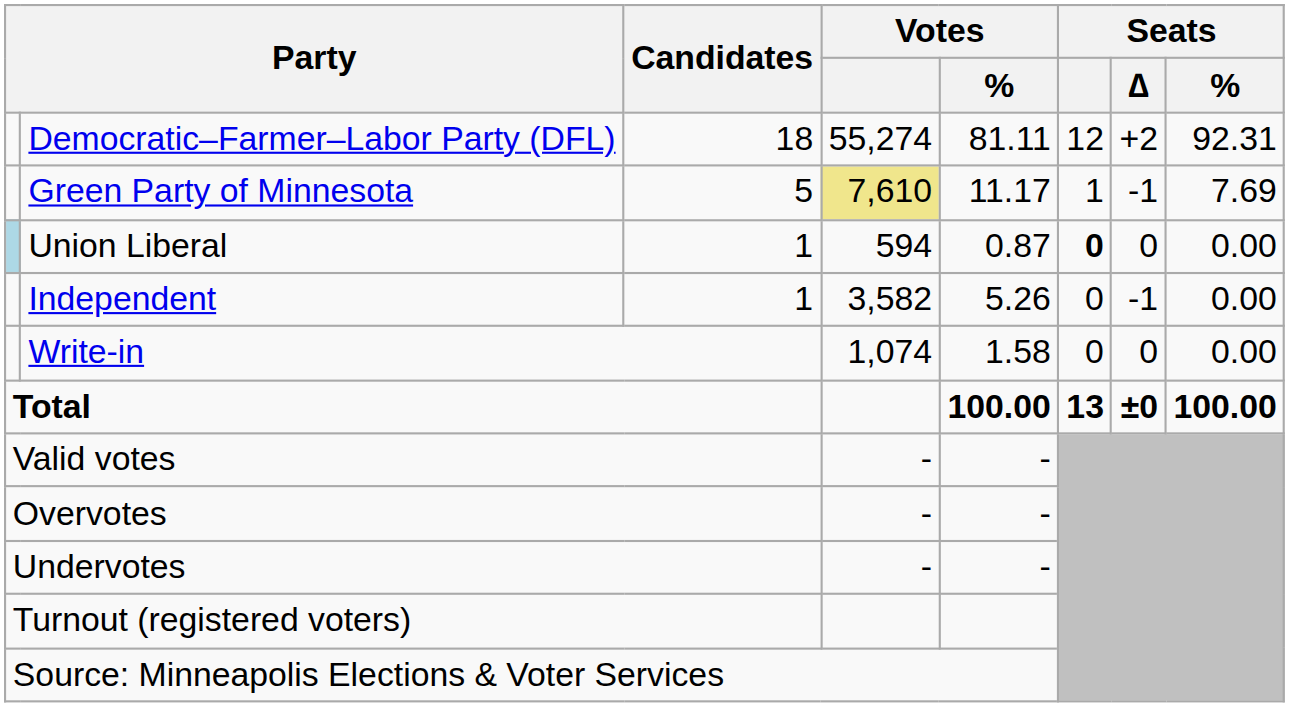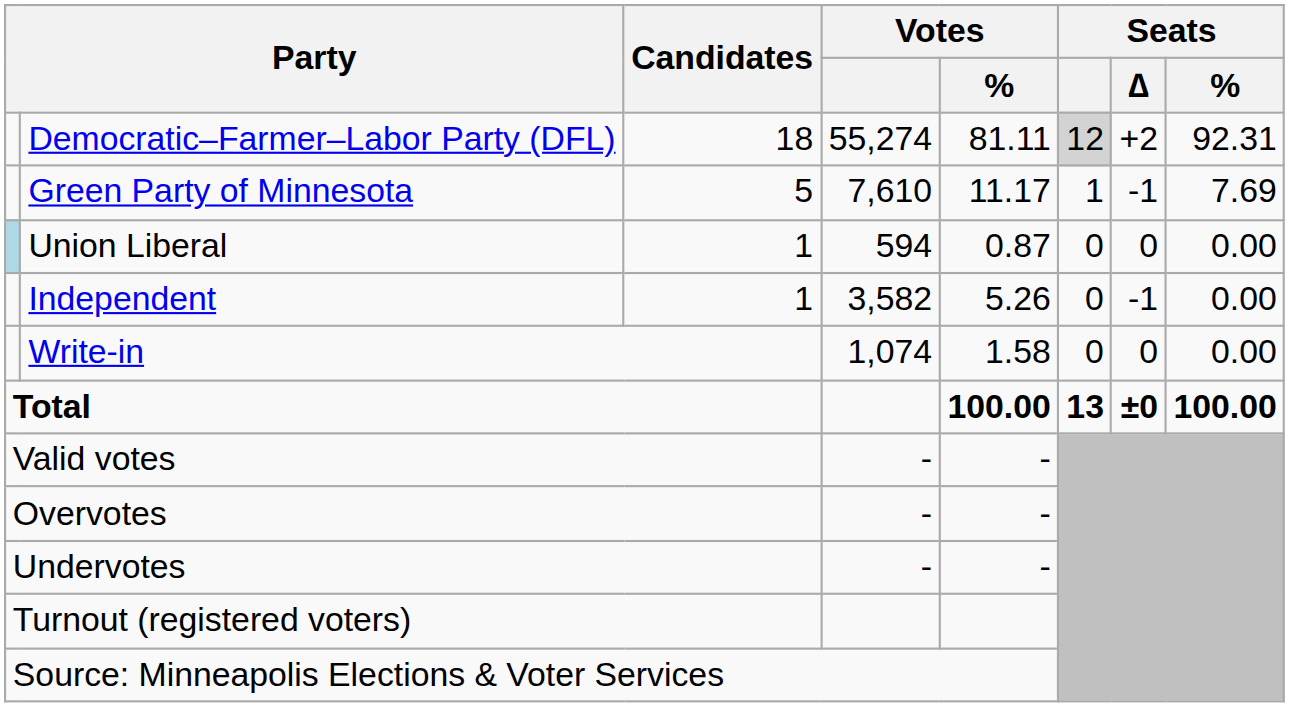 <table class="wikitable">
 <tr>
 <th colspan="2" rowspan="2">Party</th>
 <th rowspan="2">Candidates</th>
 <th colspan="2">Votes</th>
 <th colspan="3">Seats</th>
 </tr>
 <tr>
 <th></th>
 <th>%</th>
 <th></th>
 <th>∆</th>
 <th>%</th>
 </tr>
 <tr>
 <td style="background-color:"></td>
 <td><a href='#'>Democratic–Farmer–Labor Party (DFL)</a></td>
 <td align="right">18</td>
 <td align="right">55,274</td>
 <td align="right">81.11</td>
-<td align="right">12</td>
+<td align="right" style="background: lightgrey;">12</td>
 <td align="right">+2</td>
 <td align="right">92.31</td>
 </tr>
 <tr>
 <td style="background-color:"></td>
 <td><a href='#'>Green Party of Minnesota</a></td>
 <td align="right">5</td>
-<td align="right" style="background: khaki;">7,610</td>
+<td align="right">7,610</td>
 <td align="right">11.17</td>
 <td align="right">1</td>
 <td align="right">-1</td>
 <td align="right">7.69</td>
 </tr>
 <tr>
 <td style="background-color:lightblue"></td>
 <td>Union Liberal</td>
 <td align="right">1</td>
 <td align="right">594</td>
 <td align="right">0.87</td>
-<td align="right"><strong>0</strong></td>
+<td align="right">0</td>
 <td align="right">0</td>
 <td align="right">0.00</td>
 </tr>
 <tr>
 <td style="background-color:"></td>
 <td><a href='#'>Independent</a></td>
 <td align="right">1</td>
 <td align="right">3,582</td>
 <td align="right">5.26</td>
 <td align="right">0</td>
 <td align="right">-1</td>
 <td align="right">0.00</td>
 </tr>
 <tr>
 <td style="background-color:"></td>
 <td colspan="2"><a href='#'>Write-in</a></td>
 <td align="right">1,074</td>
 <td align="right">1.58</td>
 <td align="right">0</td>
 <td align="right">0</td>
 <td align="right">0.00</td>
 </tr>
 <tr>
 <td colspan="3" align="left"><strong>Total</strong></td>
 <td align="right"></td>
 <td align="right"><strong>100.00</strong></td>
 <td align="right"><strong>13</strong></td>
 <td align="right"><strong>±0</strong></td>
 <td align="right"><strong>100.00</strong></td>
 </tr>
 <tr>
 <td colspan="3" align="left">Valid votes</td>
 <td colspan="1" align="right">-</td>
 <td colspan="1" align="right">-</td>
 <td colspan="4" rowspan="5" style="background:silver;"></td>
 </tr>
 <tr>
 <td colspan="3" align="left">Overvotes</td>
 <td colspan="1" align="right">-</td>
 <td colspan="1" align="right">-</td>
 </tr>
 <tr>
 <td colspan="3" align="left">Undervotes</td>
 <td colspan="1" align="right">-</td>
 <td colspan="1" align="right">-</td>
 </tr>
 <tr>
 <td colspan="3" align="left">Turnout (registered voters)</td>
 <td colspan="1" align="right"></td>
 <td colspan="1" align="right"></td>
 </tr>
 <tr>
 <td colspan="5">Source: Minneapolis Elections & Voter Services</td>
 </tr>
 </table>
